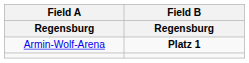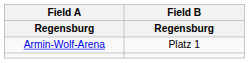 <table class="wikitable" style="text-align:center;">
 <tr>
 <th width="180">Field A</th>
 <th width="180">Field B</th>
 </tr>
 <tr>
 <th width="180"> Regensburg</th>
 <th width="180"> Regensburg</th>
 </tr>
 <tr>
 <td width="180"><a href='#'>Armin-Wolf-Arena</a></td>
-<td width="180"><strong>Platz 1</strong></td>
+<td width="180">Platz 1</td>
 </tr>
 <tr>
 <td width="180"></td>
 <td width="180"></td>
 </tr>
 </table>
